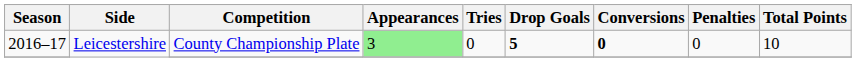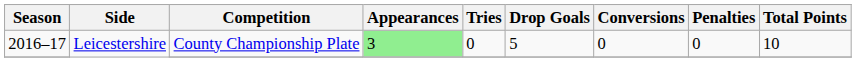 <table class="wikitable sortable">
 <tr>
 <th>Season</th>
 <th>Side</th>
 <th>Competition</th>
 <th>Appearances</th>
 <th>Tries</th>
 <th>Drop Goals</th>
 <th>Conversions</th>
 <th>Penalties</th>
 <th>Total Points</th>
 </tr>
 <tr>
 <td>2016–17</td>
 <td rowspan=7 align=left><a href='#'>Leicestershire</a></td>
 <td><a href='#'>County Championship Plate</a></td>
 <td style="background: lightgreen;">3</td>
 <td>0</td>
-<td><strong>5</strong></td>
-<td><strong>0</strong></td>
+<td>5</td>
+<td>0</td>
 <td>0</td>
 <td>10</td>
 </tr>
 <tr>
 </tr>
 </table>
